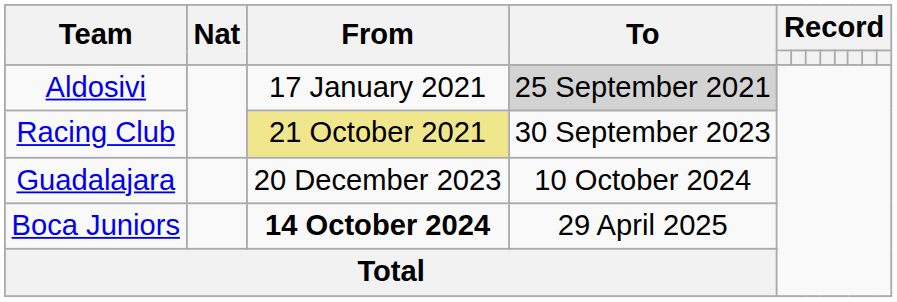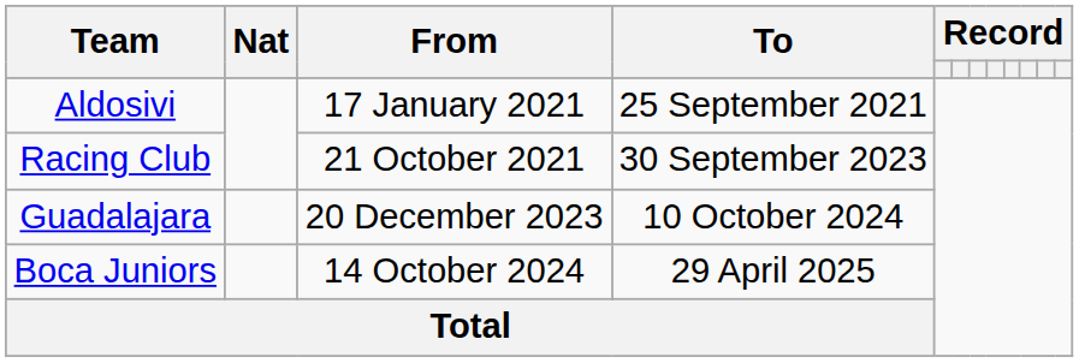 <table class="wikitable" tyle="text-align: center">
 <tr>
 <th rowspan="2">Team</th>
 <th rowspan="2">Nat</th>
 <th rowspan="2">From</th>
 <th rowspan="2">To</th>
 <th colspan="8">Record</th>
 </tr>
 <tr>
 <th></th>
 <th></th>
 <th></th>
 <th></th>
 <th></th>
 <th></th>
 <th></th>
 <th></th>
 </tr>
 <tr>
 <td align=center><a href='#'>Aldosivi</a></td>
 <td rowspan="2"></td>
 <td align=center>17 January 2021</td>
-<td align=center style="background: lightgrey;">25 September 2021<br></td>
+<td align=center>25 September 2021<br></td>
 </tr>
 <tr>
 <td align=center><a href='#'>Racing Club</a></td>
-<td align=center style="background: khaki;">21 October 2021</td>
+<td align=center>21 October 2021</td>
 <td align=center>30 September 2023<br></td>
 </tr>
 <tr>
 <td align=center><a href='#'>Guadalajara</a></td>
 <td></td>
 <td align=center>20 December 2023</td>
 <td align=center>10 October 2024<br></td>
 </tr>
 <tr>
 <td align=center><a href='#'>Boca Juniors</a></td>
 <td rowspan="1"></td>
-<td align=center><strong>14 October 2024</strong></td>
+<td align=center>14 October 2024</td>
 <td align=center>29 April 2025<br></td>
 </tr>
 <tr>
 <th colspan="4">Total<br></th>
 </tr>
 </table>
